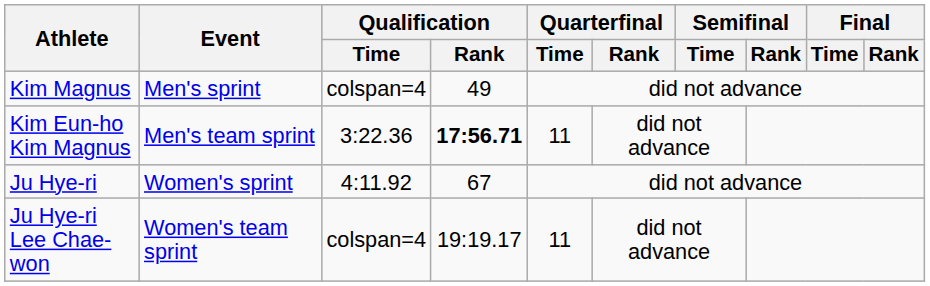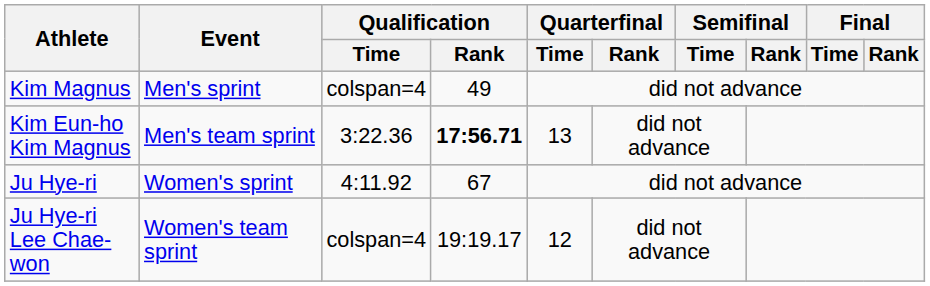 <table class="wikitable" style="font-size:90%">
 <tr>
 <th rowspan="2">Athlete</th>
 <th rowspan="2">Event</th>
 <th colspan="2">Qualification</th>
 <th colspan="2">Quarterfinal</th>
 <th colspan="2">Semifinal</th>
 <th colspan="2">Final</th>
 </tr>
 <tr style="font-size:95%">
 <th>Time</th>
 <th>Rank</th>
 <th>Time</th>
 <th>Rank</th>
 <th>Time</th>
 <th>Rank</th>
 <th>Time</th>
 <th>Rank</th>
 </tr>
 <tr align=center>
 <td align=left><a href='#'>Kim Magnus</a></td>
 <td align=left><a href='#'>Men's sprint</a></td>
 <td>colspan=4 </td>
 <td>49</td>
 <td colspan=6>did not advance</td>
 </tr>
 <tr align=center>
 <td align=left><a href='#'>Kim Eun-ho</a><br><a href='#'>Kim Magnus</a></td>
 <td align=left><a href='#'>Men's team sprint</a></td>
 <td>3:22.36</td>
 <td><strong>17:56.71</strong></td>
-<td>11</td>
+<td>13</td>
 <td colspan=2>did not advance</td>
 </tr>
 <tr align=center>
 <td align=left><a href='#'>Ju Hye-ri</a></td>
 <td align=left><a href='#'>Women's sprint</a></td>
 <td>4:11.92</td>
 <td>67</td>
 <td colspan=6>did not advance</td>
 </tr>
 <tr align=center>
 <td align=left><a href='#'>Ju Hye-ri</a><br><a href='#'>Lee Chae-won</a></td>
 <td align=left><a href='#'>Women's team sprint</a></td>
 <td>colspan=4 </td>
 <td>19:19.17</td>
-<td>11</td>
+<td>12</td>
 <td colspan=2>did not advance</td>
 </tr>
 </table>
